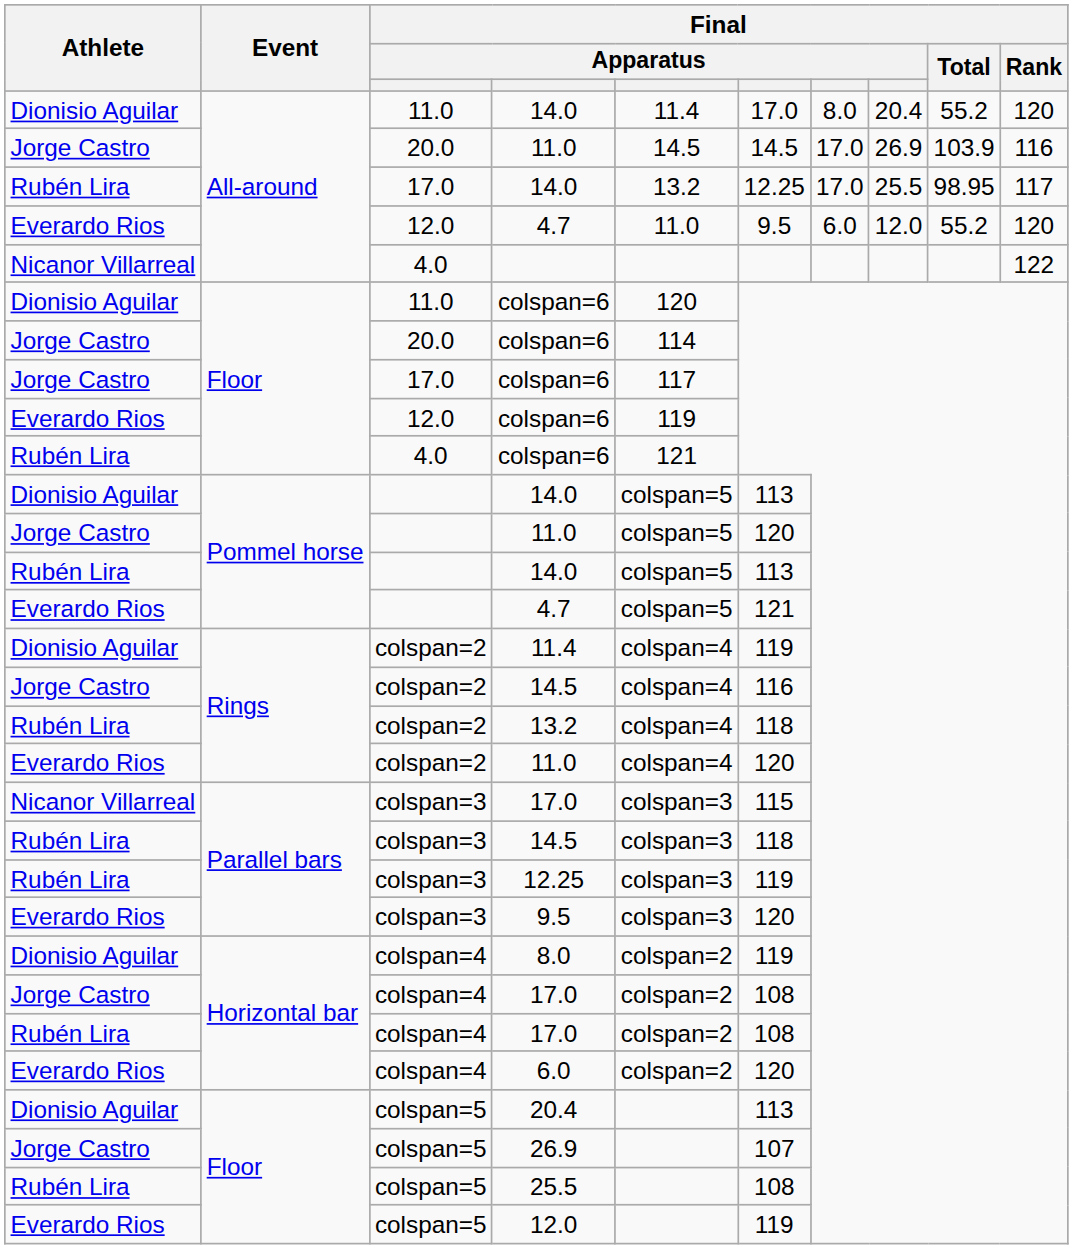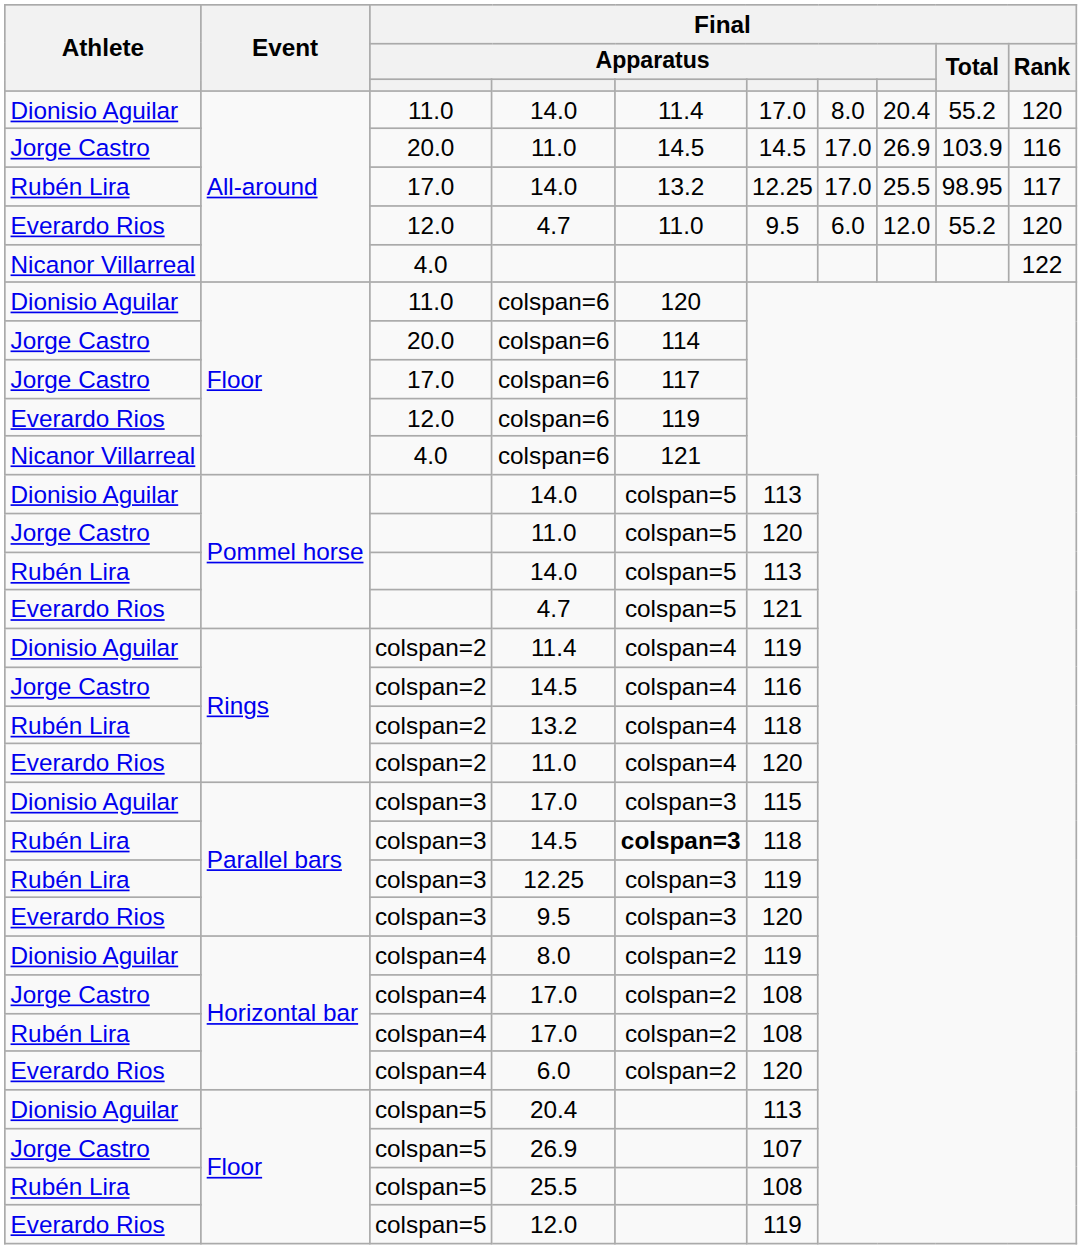 <table class="wikitable" style="font-size:90%">
 <tr>
 <th rowspan=3>Athlete</th>
 <th rowspan=3>Event</th>
 <th colspan =8>Final</th>
 </tr>
 <tr style="font-size:95%">
 <th colspan=6>Apparatus</th>
 <th rowspan=2>Total</th>
 <th rowspan=2>Rank</th>
 </tr>
 <tr style="font-size:95%">
 <th></th>
 <th></th>
 <th></th>
 <th></th>
 <th></th>
 <th></th>
 </tr>
 <tr align=center>
 <td align=left><a href='#'>Dionisio Aguilar</a></td>
 <td align=left rowspan=5><a href='#'>All-around</a></td>
 <td>11.0</td>
 <td>14.0</td>
 <td>11.4</td>
 <td>17.0</td>
 <td>8.0</td>
 <td>20.4</td>
 <td>55.2</td>
 <td>120</td>
 </tr>
 <tr align=center>
 <td align=left><a href='#'>Jorge Castro</a></td>
 <td>20.0</td>
 <td>11.0</td>
 <td>14.5</td>
 <td>14.5</td>
 <td>17.0</td>
 <td>26.9</td>
 <td>103.9</td>
 <td>116</td>
 </tr>
 <tr align=center>
 <td align=left><a href='#'>Rubén Lira</a></td>
 <td>17.0</td>
 <td>14.0</td>
 <td>13.2</td>
 <td>12.25</td>
 <td>17.0</td>
 <td>25.5</td>
 <td>98.95</td>
 <td>117</td>
 </tr>
 <tr align=center>
 <td align=left><a href='#'>Everardo Rios</a></td>
 <td>12.0</td>
 <td>4.7</td>
 <td>11.0</td>
 <td>9.5</td>
 <td>6.0</td>
 <td>12.0</td>
 <td>55.2</td>
 <td>120</td>
 </tr>
 <tr align=center>
 <td align=left><a href='#'>Nicanor Villarreal</a></td>
 <td>4.0</td>
 <td></td>
 <td></td>
 <td></td>
 <td></td>
 <td></td>
 <td></td>
 <td>122</td>
 </tr>
 <tr align=center>
 <td align=left><a href='#'>Dionisio Aguilar</a></td>
 <td align=left rowspan=5><a href='#'>Floor</a></td>
 <td>11.0</td>
 <td>colspan=6 </td>
 <td>120</td>
 </tr>
 <tr align=center>
 <td align=left><a href='#'>Jorge Castro</a></td>
 <td>20.0</td>
 <td>colspan=6 </td>
 <td>114</td>
 </tr>
 <tr align=center>
 <td align=left><a href='#'>Jorge Castro</a></td>
 <td>17.0</td>
 <td>colspan=6 </td>
 <td>117</td>
 </tr>
 <tr align=center>
 <td align=left><a href='#'>Everardo Rios</a></td>
 <td>12.0</td>
 <td>colspan=6 </td>
 <td>119</td>
 </tr>
 <tr align=center>
-<td align=left><a href='#'>Rubén Lira</a></td>
+<td align=left><a href='#'>Nicanor Villarreal</a></td>
 <td>4.0</td>
 <td>colspan=6 </td>
 <td>121</td>
 </tr>
 <tr align=center>
 <td align=left><a href='#'>Dionisio Aguilar</a></td>
 <td align=left rowspan=4><a href='#'>Pommel horse</a></td>
 <td></td>
 <td>14.0</td>
 <td>colspan=5 </td>
 <td>113</td>
 </tr>
 <tr align=center>
 <td align=left><a href='#'>Jorge Castro</a></td>
 <td></td>
 <td>11.0</td>
 <td>colspan=5 </td>
 <td>120</td>
 </tr>
 <tr align=center>
 <td align=left><a href='#'>Rubén Lira</a></td>
 <td></td>
 <td>14.0</td>
 <td>colspan=5 </td>
 <td>113</td>
 </tr>
 <tr align=center>
 <td align=left><a href='#'>Everardo Rios</a></td>
 <td></td>
 <td>4.7</td>
 <td>colspan=5 </td>
 <td>121</td>
 </tr>
 <tr align=center>
 <td align=left><a href='#'>Dionisio Aguilar</a></td>
 <td align=left rowspan=4><a href='#'>Rings</a></td>
 <td>colspan=2 </td>
 <td>11.4</td>
 <td>colspan=4 </td>
 <td>119</td>
 </tr>
 <tr align=center>
 <td align=left><a href='#'>Jorge Castro</a></td>
 <td>colspan=2 </td>
 <td>14.5</td>
 <td>colspan=4 </td>
 <td>116</td>
 </tr>
 <tr align=center>
 <td align=left><a href='#'>Rubén Lira</a></td>
 <td>colspan=2 </td>
 <td>13.2</td>
 <td>colspan=4 </td>
 <td>118</td>
 </tr>
 <tr align=center>
 <td align=left><a href='#'>Everardo Rios</a></td>
 <td>colspan=2 </td>
 <td>11.0</td>
 <td>colspan=4 </td>
 <td>120</td>
 </tr>
 <tr align=center>
-<td align=left><a href='#'>Nicanor Villarreal</a></td>
+<td align=left><a href='#'>Dionisio Aguilar</a></td>
 <td align=left rowspan=4><a href='#'>Parallel bars</a></td>
 <td>colspan=3 </td>
 <td>17.0</td>
 <td>colspan=3 </td>
 <td>115</td>
 </tr>
 <tr align=center>
 <td align=left><a href='#'>Rubén Lira</a></td>
 <td>colspan=3 </td>
 <td>14.5</td>
-<td>colspan=3 </td>
+<td><strong>colspan=3 </strong></td>
 <td>118</td>
 </tr>
 <tr align=center>
 <td align=left><a href='#'>Rubén Lira</a></td>
 <td>colspan=3 </td>
 <td>12.25</td>
 <td>colspan=3 </td>
 <td>119</td>
 </tr>
 <tr align=center>
 <td align=left><a href='#'>Everardo Rios</a></td>
 <td>colspan=3 </td>
 <td>9.5</td>
 <td>colspan=3 </td>
 <td>120</td>
 </tr>
 <tr align=center>
 <td align=left><a href='#'>Dionisio Aguilar</a></td>
 <td align=left rowspan=4><a href='#'>Horizontal bar</a></td>
 <td>colspan=4 </td>
 <td>8.0</td>
 <td>colspan=2 </td>
 <td>119</td>
 </tr>
 <tr align=center>
 <td align=left><a href='#'>Jorge Castro</a></td>
 <td>colspan=4 </td>
 <td>17.0</td>
 <td>colspan=2 </td>
 <td>108</td>
 </tr>
 <tr align=center>
 <td align=left><a href='#'>Rubén Lira</a></td>
 <td>colspan=4 </td>
 <td>17.0</td>
 <td>colspan=2 </td>
 <td>108</td>
 </tr>
 <tr align=center>
 <td align=left><a href='#'>Everardo Rios</a></td>
 <td>colspan=4 </td>
 <td>6.0</td>
 <td>colspan=2 </td>
 <td>120</td>
 </tr>
 <tr align=center>
 <td align=left><a href='#'>Dionisio Aguilar</a></td>
 <td align=left rowspan=4><a href='#'>Floor</a></td>
 <td>colspan=5 </td>
 <td>20.4</td>
 <td></td>
 <td>113</td>
 </tr>
 <tr align=center>
 <td align=left><a href='#'>Jorge Castro</a></td>
 <td>colspan=5 </td>
 <td>26.9</td>
 <td></td>
 <td>107</td>
 </tr>
 <tr align=center>
 <td align=left><a href='#'>Rubén Lira</a></td>
 <td>colspan=5 </td>
 <td>25.5</td>
 <td></td>
 <td>108</td>
 </tr>
 <tr align=center>
 <td align=left><a href='#'>Everardo Rios</a></td>
 <td>colspan=5 </td>
 <td>12.0</td>
 <td></td>
 <td>119</td>
 </tr>
 </table>
